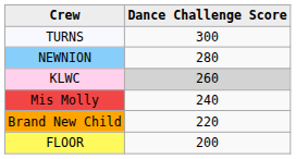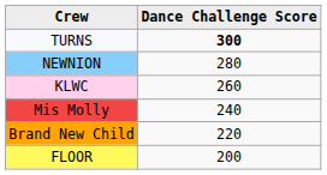 <table class="wikitable sortable" style="text-align:center; font-size:90%">
 <tr>
 <th style="background:#EDEDED">Crew</th>
 <th style="background:#EDEDED">Dance Challenge Score</th>
 </tr>
 <tr>
 <td style="background:#F8F8FF">TURNS</td>
-<td>300</td>
+<td><strong>300</strong></td>
 </tr>
 <tr>
 <td style="background:#87CEFA">NEWNION</td>
 <td>280</td>
 </tr>
 <tr>
 <td style="background:#FFD1ED">KLWC</td>
-<td style="background: lightgrey;">260</td>
+<td>260</td>
 </tr>
 <tr>
 <td style="background:#F24646">Mis Molly</td>
 <td>240</td>
 </tr>
 <tr>
 <td style="background:orange">Brand New Child</td>
 <td>220</td>
 </tr>
 <tr>
 <td style="background:#FFFA5C">FLOOR</td>
 <td>200</td>
 </tr>
 </table>
